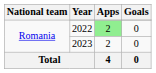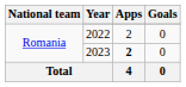 <table class="wikitable" style="text-align: center;">
 <tr>
 <th>National team</th>
 <th>Year</th>
 <th>Apps</th>
 <th>Goals</th>
 </tr>
 <tr>
 <td rowspan="3"><a href='#'>Romania</a></td>
 </tr>
 <tr>
 <td>2022</td>
-<td style="background: lightgreen;">2</td>
+<td>2</td>
 <td>0</td>
 </tr>
 <tr>
 <td>2023</td>
-<td>2</td>
+<td><strong>2</strong></td>
 <td>0</td>
 </tr>
 <tr>
 <th colspan=2>Total</th>
 <th>4</th>
 <th>0</th>
 </tr>
 </table>
